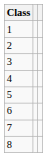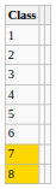 <table class="wikitable">
 <tr>
 <th>Class</th>
 <th></th>
 <th></th>
 </tr>
 <tr>
 <td>1</td>
 <td></td>
 <td></td>
 </tr>
 <tr>
 <td>2</td>
 <td></td>
 <td></td>
 </tr>
 <tr>
 <td>3</td>
 <td></td>
 <td></td>
 </tr>
 <tr>
 <td>4</td>
 <td></td>
 <td></td>
 </tr>
 <tr>
 <td>5</td>
 <td></td>
 <td></td>
 </tr>
 <tr>
 <td>6</td>
 <td></td>
 <td></td>
 </tr>
 <tr>
-<td>7</td>
+<td style="background: gold;">7</td>
 <td></td>
 <td></td>
 </tr>
 <tr>
-<td>8</td>
+<td style="background: gold;">8</td>
 <td></td>
 <td></td>
 </tr>
 </table>
